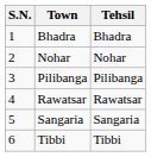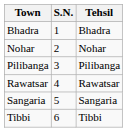 <table class="wikitable">
 <tr>
+<th>Town</th>
 <th>S.N.</th>
-<th>Town</th>
 <th>Tehsil</th>
 </tr>
 <tr>
+<td>Bhadra</td>
 <td>1</td>
-<td>Bhadra</td>
 <td>Bhadra</td>
 </tr>
 <tr>
+<td>Nohar</td>
 <td>2</td>
-<td>Nohar</td>
 <td>Nohar</td>
 </tr>
 <tr>
+<td>Pilibanga</td>
 <td>3</td>
-<td>Pilibanga</td>
 <td>Pilibanga</td>
 </tr>
 <tr>
+<td>Rawatsar</td>
 <td>4</td>
-<td>Rawatsar</td>
 <td>Rawatsar</td>
 </tr>
 <tr>
+<td>Sangaria</td>
 <td>5</td>
-<td>Sangaria</td>
 <td>Sangaria</td>
 </tr>
 <tr>
+<td>Tibbi</td>
 <td>6</td>
-<td>Tibbi</td>
 <td>Tibbi</td>
 </tr>
 </table>
